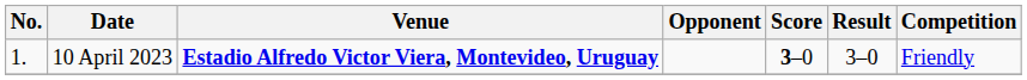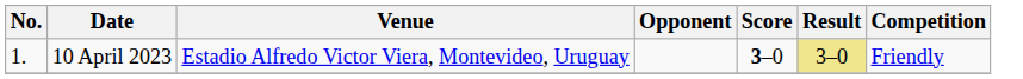 <table class="wikitable">
 <tr>
 <th>No.</th>
 <th>Date</th>
 <th>Venue</th>
 <th>Opponent</th>
 <th>Score</th>
 <th>Result</th>
 <th>Competition</th>
 </tr>
 <tr>
 <td>1.</td>
 <td>10 April 2023</td>
-<td><strong><a href='#'>Estadio Alfredo Victor Viera</a>, <a href='#'>Montevideo</a>, <a href='#'>Uruguay</a></strong></td>
+<td><a href='#'>Estadio Alfredo Victor Viera</a>, <a href='#'>Montevideo</a>, <a href='#'>Uruguay</a></td>
 <td></td>
 <td align=center><strong>3</strong>–0</td>
-<td align=center>3–0</td>
+<td align=center style="background: khaki;">3–0</td>
 <td><a href='#'>Friendly</a></td>
 </tr>
 <tr>
 </tr>
 </table>
